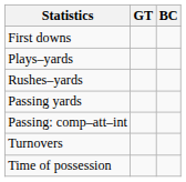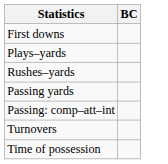 <table class="wikitable" style="float:left">
 <tr>
 <th>Statistics</th>
-<th>GT</th>
 <th>BC</th>
 </tr>
 <tr>
 <td>First downs</td>
 <td></td>
-<td></td>
 </tr>
 <tr>
 <td>Plays–yards</td>
-<td></td>
 <td></td>
 </tr>
 <tr>
 <td>Rushes–yards</td>
 <td></td>
-<td></td>
 </tr>
 <tr>
 <td>Passing yards</td>
-<td></td>
 <td></td>
 </tr>
 <tr>
 <td>Passing: comp–att–int</td>
 <td></td>
-<td></td>
 </tr>
 <tr>
 <td>Turnovers</td>
-<td></td>
 <td></td>
 </tr>
 <tr>
 <td>Time of possession</td>
 <td></td>
-<td></td>
 </tr>
 </table>
